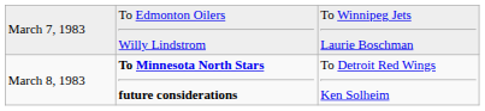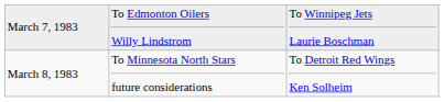 <table class="wikitable" style="border:1px solid #999; width:580px;">
 <tr style="background:#eee;">
 <td>March 7, 1983</td>
 <td valign="top">To <a href='#'>Edmonton Oilers</a><hr><a href='#'>Willy Lindstrom</a></td>
 <td valign="top">To <a href='#'>Winnipeg Jets</a><hr><a href='#'>Laurie Boschman</a></td>
 </tr>
 <tr>
 <td>March 8, 1983</td>
-<td valign="top"><strong>To <a href='#'>Minnesota North Stars</a><hr>future considerations</strong></td>
+<td valign="top">To <a href='#'>Minnesota North Stars</a><hr>future considerations</td>
 <td valign="top">To <a href='#'>Detroit Red Wings</a><hr><a href='#'>Ken Solheim</a></td>
 </tr>
 </table>
